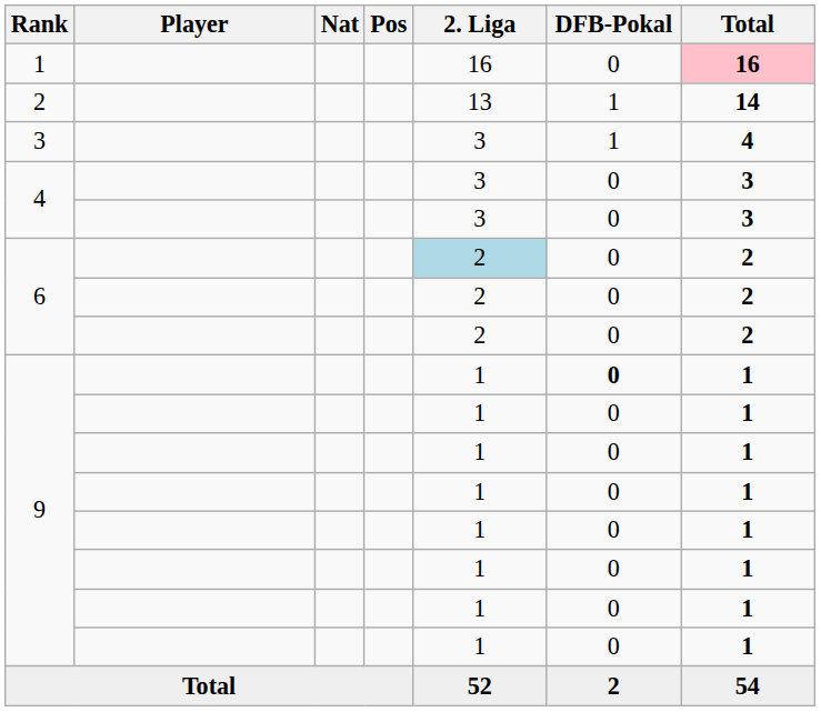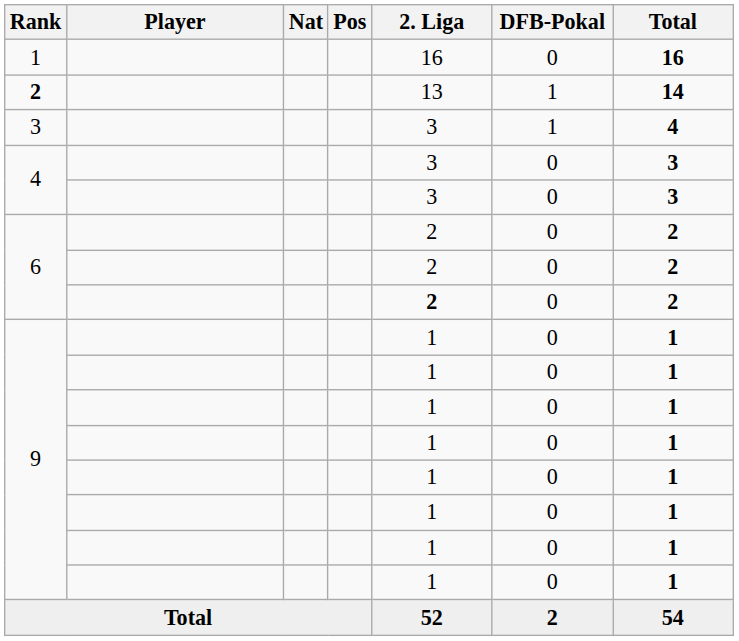 <table class="wikitable sortable nowrap" style="text-align:center;">
 <tr>
 <th>Rank</th>
 <th width=150>Player</th>
 <th>Nat</th>
 <th>Pos</th>
 <th width=80>2. Liga</th>
 <th width=80>DFB-Pokal</th>
 <th width=80>Total</th>
 </tr>
 <tr>
 <td>1</td>
 <td align="left"></td>
 <td></td>
 <td></td>
 <td>16</td>
 <td>0</td>
-<td style="background: pink;"><strong>16</strong></td>
+<td><strong>16</strong></td>
 </tr>
 <tr>
-<td>2</td>
+<td><strong>2</strong></td>
 <td align="left"></td>
 <td></td>
 <td></td>
 <td>13</td>
 <td>1</td>
 <td><strong>14</strong></td>
 </tr>
 <tr>
 <td>3</td>
 <td align="left"></td>
 <td></td>
 <td></td>
 <td>3</td>
 <td>1</td>
 <td><strong>4</strong></td>
 </tr>
 <tr>
 <td rowspan="2">4</td>
 <td align="left"></td>
 <td></td>
 <td></td>
 <td>3</td>
 <td>0</td>
 <td><strong>3</strong></td>
 </tr>
 <tr>
 <td align="left"></td>
 <td></td>
 <td></td>
 <td>3</td>
 <td>0</td>
 <td><strong>3</strong></td>
 </tr>
 <tr>
 <td rowspan="3">6</td>
 <td align="left"></td>
 <td></td>
 <td></td>
-<td style="background: lightblue;">2</td>
+<td>2</td>
 <td>0</td>
 <td><strong>2</strong></td>
 </tr>
 <tr>
 <td align="left"></td>
 <td></td>
 <td></td>
 <td>2</td>
 <td>0</td>
 <td><strong>2</strong></td>
 </tr>
 <tr>
 <td align="left"></td>
 <td></td>
 <td></td>
-<td>2</td>
+<td><strong>2</strong></td>
 <td>0</td>
 <td><strong>2</strong></td>
 </tr>
 <tr>
 <td rowspan="8">9</td>
 <td align="left"></td>
 <td></td>
 <td></td>
 <td>1</td>
-<td><strong>0</strong></td>
+<td>0</td>
 <td><strong>1</strong></td>
 </tr>
 <tr>
 <td align="left"></td>
 <td></td>
 <td></td>
 <td>1</td>
 <td>0</td>
 <td><strong>1</strong></td>
 </tr>
 <tr>
 <td align="left"></td>
 <td></td>
 <td></td>
 <td>1</td>
 <td>0</td>
 <td><strong>1</strong></td>
 </tr>
 <tr>
 <td align="left"></td>
 <td></td>
 <td></td>
 <td>1</td>
 <td>0</td>
 <td><strong>1</strong></td>
 </tr>
 <tr>
 <td align="left"></td>
 <td></td>
 <td></td>
 <td>1</td>
 <td>0</td>
 <td><strong>1</strong></td>
 </tr>
 <tr>
 <td align="left"></td>
 <td></td>
 <td></td>
 <td>1</td>
 <td>0</td>
 <td><strong>1</strong></td>
 </tr>
 <tr>
 <td align="left"></td>
 <td></td>
 <td></td>
 <td>1</td>
 <td>0</td>
 <td><strong>1</strong></td>
 </tr>
 <tr>
 <td align="left"></td>
 <td></td>
 <td></td>
 <td>1</td>
 <td>0</td>
 <td><strong>1</strong></td>
 </tr>
 <tr style=font-weight:bold;background:#efefef>
 <td colspan="4">Total</td>
 <td>52</td>
 <td>2</td>
 <td>54</td>
 </tr>
 </table>
